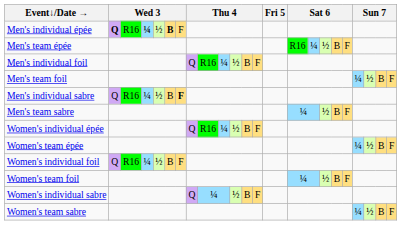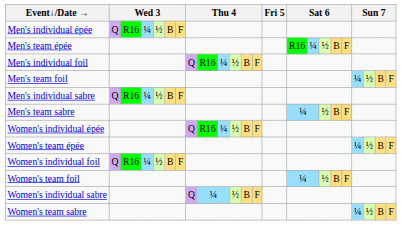 <table class="wikitable" style="margin:0.5em auto; font-size:90%; line-height:1.25em;">
 <tr style="text-align:center;">
 <th>Event↓/Date →</th>
 <th colspan="6">Wed 3</th>
 <th colspan="6">Thu 4</th>
 <th>Fri 5</th>
 <th colspan="5">Sat 6</th>
 <th colspan="4">Sun 7</th>
 </tr>
 <tr style="text-align:center;">
 <td style="text-align:left;"><a href='#'>Men's individual épée</a></td>
-<td style="background-color:#D0A9F5;"><strong>Q</strong></td>
+<td style="background-color:#D0A9F5;">Q</td>
 <td style="background-color:#00FF00;">R16</td>
-<td style="background-color:#97DEFF;"><strong>¼</strong></td>
+<td style="background-color:#97DEFF;">¼</td>
 <td style="background-color:#D9FFB2;">½</td>
-<td style="background-color:#FFDF80;"><strong>B</strong></td>
+<td style="background-color:#FFDF80;">B</td>
 <td style="background-color:#FFDF80;">F</td>
 <td colspan="6"></td>
 <td></td>
 <td colspan="5"></td>
 <td colspan="4"></td>
 </tr>
 <tr style="text-align:center;">
 <td style="text-align:left;"><a href='#'>Men's team épée</a></td>
 <td colspan="6"></td>
 <td colspan="6"></td>
 <td></td>
 <td style="background-color:#00FF00;">R16</td>
 <td style="background-color:#97DEFF;">¼</td>
 <td style="background-color:#D9FFB2;">½</td>
 <td style="background-color:#FFDF80;">B</td>
 <td style="background-color:#FFDF80;">F</td>
 <td colspan="4"></td>
 </tr>
 <tr style="text-align:center;">
 <td style="text-align:left;"><a href='#'>Men's individual foil</a></td>
 <td colspan="6"></td>
 <td style="background-color:#D0A9F5;">Q</td>
 <td style="background-color:#00FF00;">R16</td>
 <td style="background-color:#97DEFF;">¼</td>
 <td style="background-color:#D9FFB2;">½</td>
 <td style="background-color:#FFDF80;">B</td>
 <td style="background-color:#FFDF80;">F</td>
 <td></td>
 <td colspan="5"></td>
 <td colspan="4"></td>
 </tr>
 <tr style="text-align:center;">
 <td style="text-align:left;"><a href='#'>Men's team foil</a></td>
 <td colspan="6"></td>
 <td colspan="6"></td>
 <td></td>
 <td colspan="5"></td>
 <td style="background-color:#97DEFF;">¼</td>
 <td style="background-color:#D9FFB2;">½</td>
 <td style="background-color:#FFDF80;">B</td>
 <td style="background-color:#FFDF80;">F</td>
 </tr>
 <tr style="text-align:center;">
 <td style="text-align:left;"><a href='#'>Men's individual sabre</a></td>
 <td style="background-color:#D0A9F5;">Q</td>
 <td style="background-color:#00FF00;">R16</td>
 <td style="background-color:#97DEFF;">¼</td>
 <td style="background-color:#D9FFB2;">½</td>
 <td style="background-color:#FFDF80;">B</td>
-<td style="background-color:#FFDF80;"><strong>F</strong></td>
+<td style="background-color:#FFDF80;">F</td>
 <td colspan="6"></td>
 <td></td>
 <td colspan="5"></td>
 <td colspan="4"></td>
 </tr>
 <tr style="text-align:center;">
 <td style="text-align:left;"><a href='#'>Men's team sabre</a></td>
 <td colspan="6"></td>
 <td colspan="6"></td>
 <td></td>
 <td colspan="2" style="background-color:#97DEFF;">¼</td>
 <td style="background-color:#D9FFB2;">½</td>
 <td style="background-color:#FFDF80;">B</td>
 <td style="background-color:#FFDF80;">F</td>
 <td colspan="4"></td>
 </tr>
 <tr style="text-align:center;">
 <td style="text-align:left;"><a href='#'>Women's individual épée</a></td>
 <td colspan="6"></td>
 <td style="background-color:#D0A9F5;">Q</td>
 <td style="background-color:#00FF00;">R16</td>
 <td style="background-color:#97DEFF;">¼</td>
 <td style="background-color:#D9FFB2;">½</td>
 <td style="background-color:#FFDF80;">B</td>
 <td style="background-color:#FFDF80;">F</td>
 <td></td>
 <td colspan="5"></td>
 <td colspan="4"></td>
 </tr>
 <tr style="text-align:center;">
 <td style="text-align:left;"><a href='#'>Women's team épée</a></td>
 <td colspan="6"></td>
 <td colspan="6"></td>
 <td></td>
 <td colspan="5"></td>
 <td style="background-color:#97DEFF;">¼</td>
 <td style="background-color:#D9FFB2;">½</td>
 <td style="background-color:#FFDF80;">B</td>
 <td style="background-color:#FFDF80;">F</td>
 </tr>
 <tr style="text-align:center;">
 <td style="text-align:left;"><a href='#'>Women's individual foil</a></td>
 <td style="background-color:#D0A9F5;">Q</td>
 <td style="background-color:#00FF00;">R16</td>
 <td style="background-color:#97DEFF;">¼</td>
 <td style="background-color:#D9FFB2;">½</td>
 <td style="background-color:#FFDF80;">B</td>
 <td style="background-color:#FFDF80;">F</td>
 <td colspan="6"></td>
 <td></td>
 <td colspan="5"></td>
 <td colspan="4"></td>
 </tr>
 <tr style="text-align:center;">
 <td style="text-align:left;"><a href='#'>Women's team foil</a></td>
 <td colspan="6"></td>
 <td colspan="6"></td>
 <td></td>
 <td colspan="2" style="background-color:#97DEFF;">¼</td>
 <td style="background-color:#D9FFB2;">½</td>
 <td style="background-color:#FFDF80;">B</td>
 <td style="background-color:#FFDF80;">F</td>
 <td colspan="4"></td>
 </tr>
 <tr style="text-align:center;">
 <td style="text-align:left;"><a href='#'>Women's individual sabre</a></td>
 <td colspan="6"></td>
 <td style="background-color:#D0A9F5;">Q</td>
 <td colspan="2" style="background-color:#97DEFF;">¼</td>
 <td style="background-color:#D9FFB2;">½</td>
 <td style="background-color:#FFDF80;">B</td>
 <td style="background-color:#FFDF80;">F</td>
 <td></td>
 <td colspan="5"></td>
 <td colspan="4"></td>
 </tr>
 <tr style="text-align:center;">
 <td style="text-align:left;"><a href='#'>Women's team sabre</a></td>
 <td colspan="6"></td>
 <td colspan="6"></td>
 <td></td>
 <td colspan="5"></td>
 <td style="background-color:#97DEFF;">¼</td>
 <td style="background-color:#D9FFB2;">½</td>
 <td style="background-color:#FFDF80;">B</td>
 <td style="background-color:#FFDF80;">F</td>
 </tr>
 </table>
